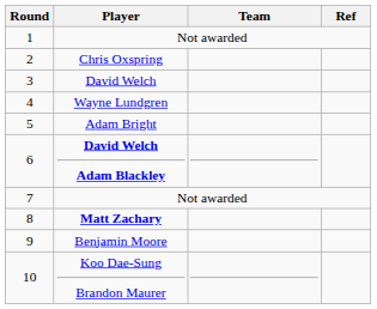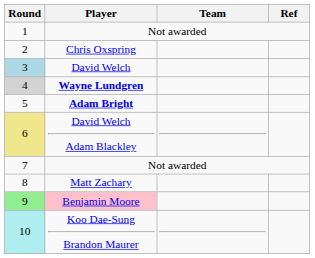 <table class="wikitable" style="text-align:center;">
 <tr>
 <th scope="col" width=50>Round</th>
 <th scope="col" width=150>Player</th>
 <th scope="col" width=150>Team</th>
 <th scope="col" width=50>Ref</th>
 </tr>
 <tr>
 <td>1</td>
 <td colspan=3>Not awarded</td>
 </tr>
 <tr>
 <td>2</td>
 <td><a href='#'>Chris Oxspring</a></td>
 <td></td>
 <td></td>
 </tr>
 <tr>
-<td>3</td>
+<td style="background: lightblue;">3</td>
 <td><a href='#'>David Welch</a></td>
 <td></td>
 <td></td>
 </tr>
 <tr>
-<td>4</td>
-<td><a href='#'>Wayne Lundgren</a></td>
+<td style="background: lightgrey;">4</td>
+<td><strong><a href='#'>Wayne Lundgren</a></strong></td>
 <td></td>
 <td></td>
 </tr>
 <tr>
 <td>5</td>
-<td><a href='#'>Adam Bright</a></td>
+<td><strong><a href='#'>Adam Bright</a></strong></td>
 <td></td>
 <td></td>
 </tr>
 <tr>
-<td>6</td>
-<td><strong><div><a href='#'>David Welch</a></div><hr><div><a href='#'>Adam Blackley</a></div></strong></td>
+<td style="background: khaki;">6</td>
+<td><div><a href='#'>David Welch</a></div><hr><div><a href='#'>Adam Blackley</a></div></td>
 <td><div></div><hr><div></div></td>
 <td></td>
 </tr>
 <tr>
 <td>7</td>
 <td colspan=3>Not awarded</td>
 </tr>
 <tr>
 <td>8</td>
-<td><strong><a href='#'>Matt Zachary</a></strong></td>
+<td><a href='#'>Matt Zachary</a></td>
 <td></td>
 <td></td>
 </tr>
 <tr>
-<td>9</td>
-<td><a href='#'>Benjamin Moore</a></td>
+<td style="background: lightgreen;">9</td>
+<td style="background: pink;"><a href='#'>Benjamin Moore</a></td>
 <td></td>
 <td></td>
 </tr>
 <tr>
-<td>10</td>
+<td style="background: paleturquoise;">10</td>
 <td><div><a href='#'>Koo Dae-Sung</a></div><hr><div><a href='#'>Brandon Maurer</a></div></td>
 <td><div></div><hr><div></div></td>
 <td></td>
 </tr>
 </table>
